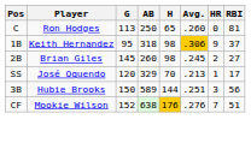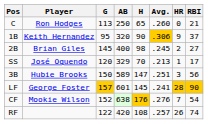 <table class="wikitable sortable">
 <tr>
 <th>Pos</th>
 <th>Player</th>
 <th>G</th>
 <th>AB</th>
 <th>H</th>
 <th>Avg.</th>
 <th>HR</th>
 <th>RBI</th>
 </tr>
 <tr align="center">
 <td>C</td>
 <td><a href='#'>Ron Hodges</a></td>
 <td>113</td>
 <td>250</td>
 <td>65</td>
 <td>.260</td>
 <td>0</td>
-<td>81</td>
+<td>21</td>
 </tr>
 <tr align=center>
 <td>1B</td>
 <td><a href='#'>Keith Hernandez</a></td>
 <td>95</td>
-<td>318</td>
-<td>98</td>
+<td>320</td>
+<td>90</td>
 <td style="background:#fc0;">.306</td>
 <td>9</td>
 <td>37</td>
 </tr>
 <tr align=center>
 <td>2B</td>
 <td><a href='#'>Brian Giles</a></td>
 <td>145</td>
-<td>260</td>
+<td>400</td>
 <td>98</td>
 <td>.245</td>
 <td>2</td>
 <td>27</td>
 </tr>
 <tr align=center>
 <td>SS</td>
 <td><a href='#'>José Oquendo</a></td>
 <td>120</td>
 <td>329</td>
 <td>70</td>
 <td>.213</td>
 <td>1</td>
 <td>17</td>
 </tr>
 <tr align=center>
 <td>3B</td>
 <td><a href='#'>Hubie Brooks</a></td>
 <td>150</td>
 <td>589</td>
-<td>144</td>
+<td>147</td>
 <td>.251</td>
 <td>3</td>
 <td>56</td>
+</tr>
+<tr align=center>
+<td>LF</td>
+<td><a href='#'>George Foster</a></td>
+<td style="background:#fc0;">157</td>
+<td>601</td>
+<td>145</td>
+<td>.241</td>
+<td style="background:#fc0;">28</td>
+<td style="background:#fc0;">90</td>
 </tr>
 <tr align=center>
 <td>CF</td>
 <td><a href='#'>Mookie Wilson</a></td>
 <td>152</td>
 <td style="background:#DDFFDD;">638</td>
 <td style="background:#fc0;">176</td>
 <td>.276</td>
 <td>7</td>
-<td>51</td>
+<td>54</td>
+</tr>
+<tr align=center>
+<td>RF</td>
+<td></td>
+<td>122</td>
+<td>420</td>
+<td>108</td>
+<td>.257</td>
+<td>26</td>
+<td>74</td>
 </tr>
 </table>
